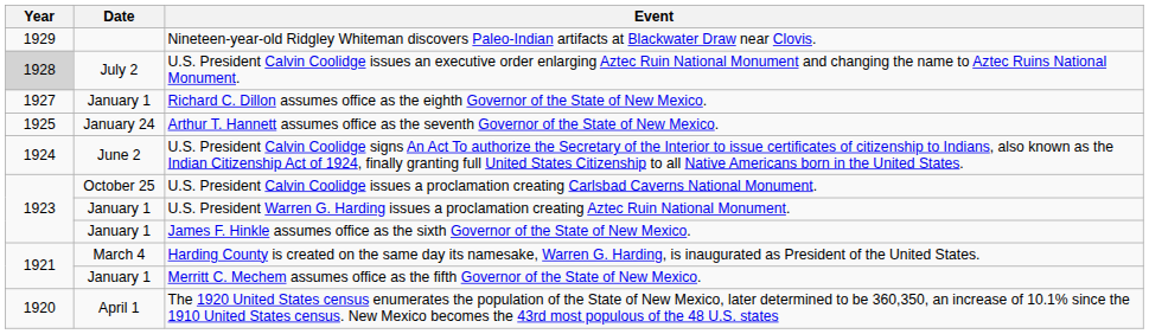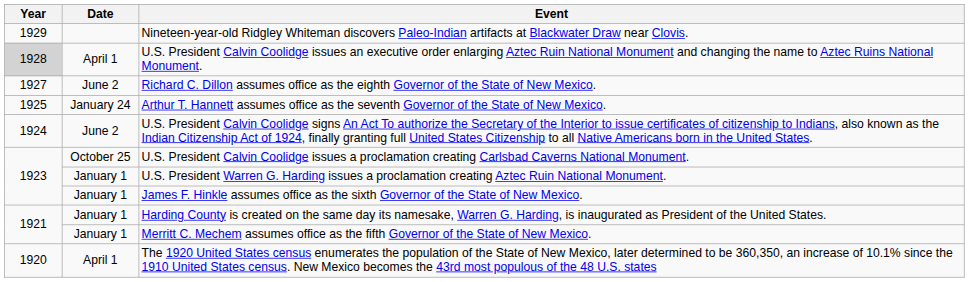 <table class="wikitable" style="width:100%;">
 <tr>
 <th style="width:6%">Year</th>
 <th style="width:8%">Date</th>
 <th style="width:86%">Event</th>
 </tr>
 <tr>
 <td align=center rowspan=1>1929</td>
 <td align=center> </td>
 <td>Nineteen-year-old Ridgley Whiteman discovers <a href='#'>Paleo-Indian</a> artifacts at <a href='#'>Blackwater Draw</a> near <a href='#'>Clovis</a>.</td>
 </tr>
 <tr>
 <td align=center rowspan=1 style="background: lightgrey;">1928</td>
-<td align=center>July 2</td>
+<td align=center>April 1</td>
 <td>U.S. President <a href='#'>Calvin Coolidge</a> issues an executive order enlarging <a href='#'>Aztec Ruin National Monument</a> and changing the name to <a href='#'>Aztec Ruins National Monument</a>.</td>
 </tr>
 <tr>
 <td align=center rowspan=1>1927</td>
-<td align=center>January 1</td>
+<td align=center>June 2</td>
 <td><a href='#'>Richard C. Dillon</a> assumes office as the eighth <a href='#'>Governor of the State of New Mexico</a>.</td>
 </tr>
 <tr>
 <td align=center rowspan=1>1925</td>
 <td align=center>January 24</td>
 <td><a href='#'>Arthur T. Hannett</a> assumes office as the seventh <a href='#'>Governor of the State of New Mexico</a>.</td>
 </tr>
 <tr>
 <td align=center rowspan=1>1924</td>
 <td align=center>June 2</td>
 <td>U.S. President <a href='#'>Calvin Coolidge</a> signs <a href='#'>An Act To authorize the Secretary of the Interior to issue certificates of citizenship to Indians</a>, also known as the <a href='#'>Indian Citizenship Act of 1924</a>, finally granting full <a href='#'>United States Citizenship</a> to all <a href='#'>Native Americans born in the United States</a>.</td>
 </tr>
 <tr>
 <td align=center rowspan=3>1923</td>
 <td align=center>October 25</td>
 <td>U.S. President <a href='#'>Calvin Coolidge</a> issues a proclamation creating <a href='#'>Carlsbad Caverns National Monument</a>.</td>
 </tr>
 <tr>
 <td align=center>January 1</td>
 <td>U.S. President <a href='#'>Warren G. Harding</a> issues a proclamation creating <a href='#'>Aztec Ruin National Monument</a>.</td>
 </tr>
 <tr>
 <td align=center>January 1</td>
 <td><a href='#'>James F. Hinkle</a> assumes office as the sixth <a href='#'>Governor of the State of New Mexico</a>.</td>
 </tr>
 <tr>
 <td align=center rowspan=2>1921</td>
-<td align=center>March 4</td>
+<td align=center>January 1</td>
 <td><a href='#'>Harding County</a> is created on the same day its namesake, <a href='#'>Warren G. Harding</a>, is inaugurated as President of the United States.</td>
 </tr>
 <tr>
 <td align=center>January 1</td>
 <td><a href='#'>Merritt C. Mechem</a> assumes office as the fifth <a href='#'>Governor of the State of New Mexico</a>.</td>
 </tr>
 <tr>
 <td align=center rowspan=1>1920</td>
 <td align=center>April 1</td>
 <td>The <a href='#'>1920 United States census</a> enumerates the population of the State of New Mexico, later determined to be 360,350, an increase of 10.1% since the <a href='#'>1910 United States census</a>. New Mexico becomes the <a href='#'>43rd most populous of the 48 U.S. states</a></td>
 </tr>
 </table>
